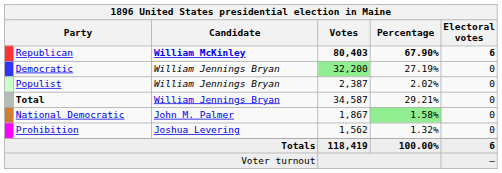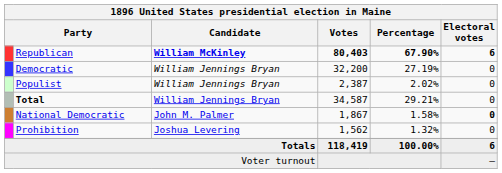 <table class="wikitable" style="font-size: 95%;">
 <tr>
 <th colspan="6">1896 United States presidential election in Maine</th>
 </tr>
 <tr>
 <th colspan="2" style="width: 15em">Party</th>
 <th style="width: 17em">Candidate</th>
 <th style="width: 5em">Votes</th>
 <th style="width: 7em">Percentage</th>
 <th style="width: 5em">Electoral votes</th>
 </tr>
 <tr>
 <th style="background-color:#FF3333; width: 3px"></th>
 <td style="width: 130px"><a href='#'>Republican</a></td>
 <td><strong><a href='#'>William McKinley</a></strong></td>
 <td align="right"><strong>80,403</strong></td>
 <td align="right"><strong>67.90%</strong></td>
 <td align="right"><strong>6</strong></td>
 </tr>
 <tr>
 <th style="background-color:#3333FF; width: 3px"></th>
 <td style="width: 130px"><a href='#'>Democratic</a></td>
 <td><em>William Jennings Bryan</em></td>
-<td align="right" style="background: lightgreen;">32,200</td>
+<td align="right">32,200</td>
 <td align="right">27.19%</td>
 <td align="right">0</td>
 </tr>
 <tr>
 <th style="background-color:#CCFFCC; width: 3px"></th>
 <td style="width: 130px"><a href='#'>Populist</a></td>
 <td><em>William Jennings Bryan</em></td>
 <td align="right">2,387</td>
 <td align="right">2.02%</td>
 <td align="right">0</td>
 </tr>
 <tr>
 <th style="background-color:#B2BEB5; width: 3px"></th>
 <td style="width: 130px"><strong> Total</strong></td>
 <td><a href='#'>William Jennings Bryan</a></td>
 <td align="right">34,587</td>
 <td align="right">29.21%</td>
 <td align="right">0</td>
 </tr>
 <tr>
 <th style="background-color:#CD7F32; width: 3px"></th>
 <td style="width: 130px"><a href='#'>National Democratic</a></td>
 <td><a href='#'>John M. Palmer</a></td>
 <td align="right">1,867</td>
-<td align="right" style="background: lightgreen;">1.58%</td>
-<td align="right">0</td>
+<td align="right">1.58%</td>
+<td align="right"><strong>0</strong></td>
 </tr>
 <tr>
 <th style="background-color:#FF00FF; width: 3px"></th>
 <td style="width: 130px"><a href='#'>Prohibition</a></td>
 <td><a href='#'>Joshua Levering</a></td>
 <td align="right">1,562</td>
 <td align="right">1.32%</td>
 <td align="right">0</td>
 </tr>
 <tr>
 </tr>
 <tr bgcolor="#EEEEEE">
 <td colspan="3" align="right"><strong>Totals</strong></td>
 <td align="right"><strong>118,419</strong></td>
 <td align="right"><strong>100.00%</strong></td>
 <td align="right"><strong>6</strong></td>
 </tr>
 <tr bgcolor="#EEEEEE">
 <td colspan="3" align="right">Voter turnout</td>
 <td colspan="2" align="right"></td>
 <td align="right">—</td>
 </tr>
 </table>
